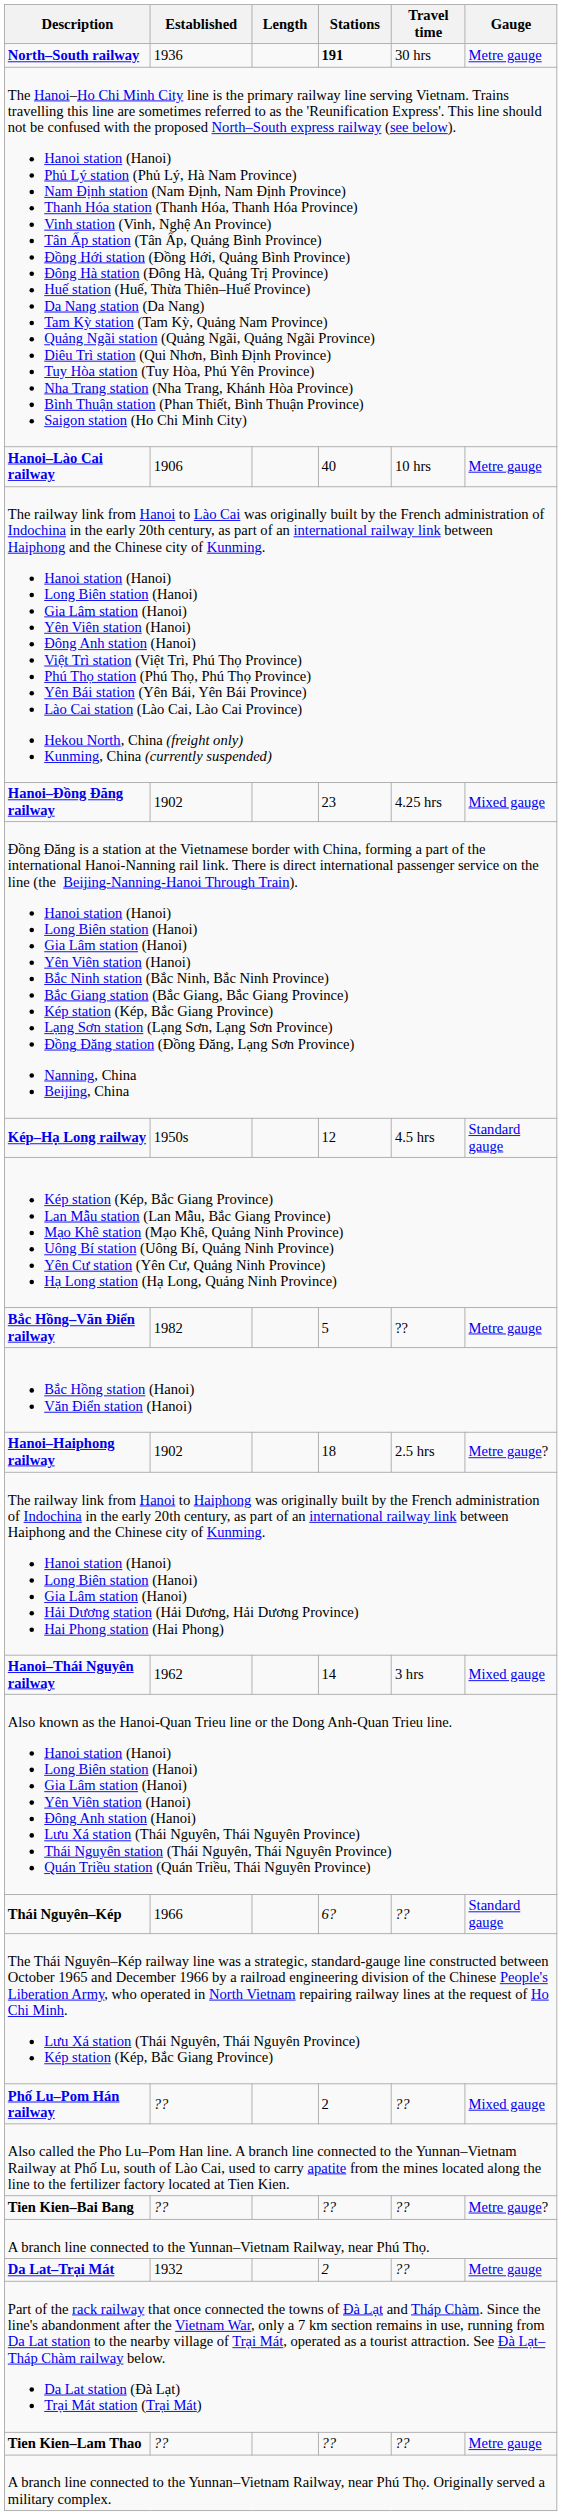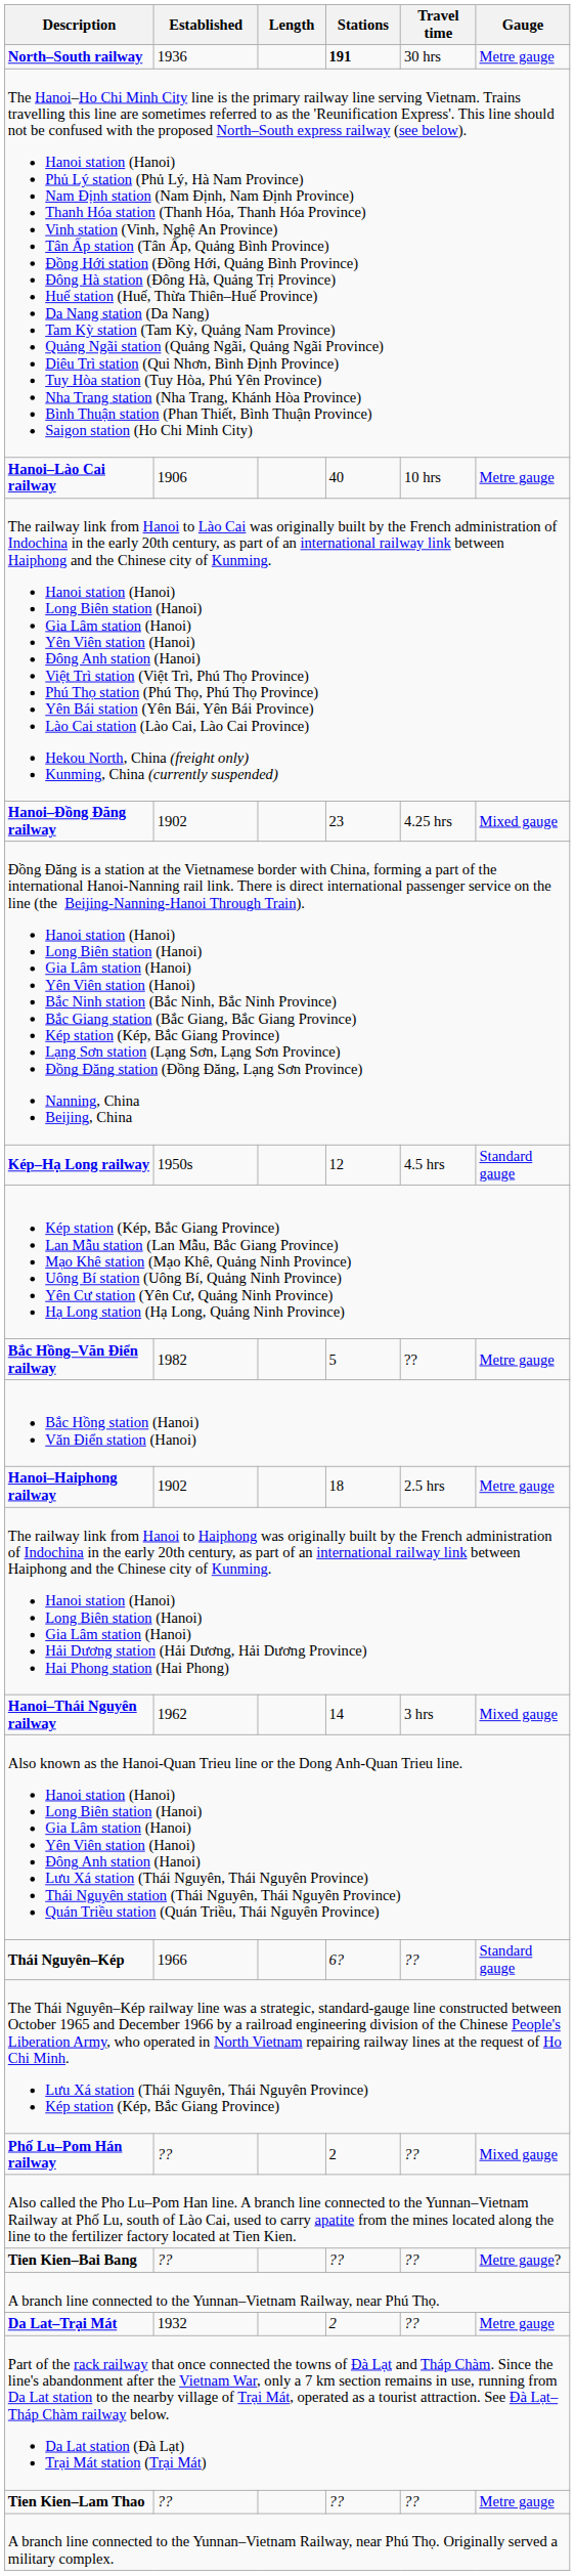 <table class="wikitable">
 <tr>
 <th>Description</th>
 <th>Established</th>
 <th>Length</th>
 <th>Stations</th>
 <th>Travel time</th>
 <th>Gauge</th>
 </tr>
 <tr>
 <td><strong><a href='#'>North–South railway</a></strong></td>
 <td>1936</td>
 <td></td>
 <td><strong>191</strong></td>
 <td>30 hrs</td>
 <td><a href='#'>Metre gauge</a></td>
 </tr>
 <tr>
 <td colspan="6"><br> The <a href='#'>Hanoi</a>–<a href='#'>Ho Chi Minh City</a> line is the primary railway line serving Vietnam. Trains travelling this line are sometimes referred to as the 'Reunification Express'. This line should not be confused with the proposed <a href='#'>North–South express railway</a> (<a href='#'>see below</a>).<ul><li><a href='#'>Hanoi station</a> (Hanoi)</li><li><a href='#'>Phủ Lý station</a> (Phủ Lý, Hà Nam Province)</li><li><a href='#'>Nam Định station</a> (Nam Định, Nam Định Province)</li><li><a href='#'>Thanh Hóa station</a> (Thanh Hóa, Thanh Hóa Province)</li><li><a href='#'>Vinh station</a> (Vinh, Nghệ An Province)</li><li><a href='#'>Tân Ấp station</a> (Tân Ấp, Quảng Bình Province)</li><li><a href='#'>Đồng Hới station</a> (Đồng Hới, Quảng Bình Province)</li><li><a href='#'>Đông Hà station</a> (Đông Hà, Quảng Trị Province)</li><li><a href='#'>Huế station</a> (Huế, Thừa Thiên–Huế Province)</li><li><a href='#'>Da Nang station</a> (Da Nang)</li><li><a href='#'>Tam Kỳ station</a> (Tam Kỳ, Quảng Nam Province)</li><li><a href='#'>Quảng Ngãi station</a> (Quảng Ngãi, Quảng Ngãi Province)</li><li><a href='#'>Diêu Trì station</a> (Qui Nhơn, Bình Định Province)</li><li><a href='#'>Tuy Hòa station</a> (Tuy Hòa, Phú Yên Province)</li><li><a href='#'>Nha Trang station</a> (Nha Trang, Khánh Hòa Province)</li><li><a href='#'>Bình Thuận station</a> (Phan Thiết, Bình Thuận Province)</li><li><a href='#'>Saigon station</a> (Ho Chi Minh City)</li></ul></td>
 </tr>
 <tr>
 <td><strong><a href='#'>Hanoi–Lào Cai railway</a></strong></td>
 <td>1906</td>
 <td></td>
 <td>40</td>
 <td>10 hrs</td>
 <td><a href='#'>Metre gauge</a></td>
 </tr>
 <tr>
 <td colspan="6"><br> The railway link from <a href='#'>Hanoi</a> to <a href='#'>Lào Cai</a> was originally built by the French administration of <a href='#'>Indochina</a> in the early 20th century, as part of an <a href='#'>international railway link</a> between <a href='#'>Haiphong</a> and the Chinese city of <a href='#'>Kunming</a>.<ul><li><a href='#'>Hanoi station</a> (Hanoi)</li><li><a href='#'>Long Biên station</a> (Hanoi)</li><li><a href='#'>Gia Lâm station</a> (Hanoi)</li><li><a href='#'>Yên Viên station</a> (Hanoi)</li><li><a href='#'>Đông Anh station</a> (Hanoi)</li><li><a href='#'>Việt Trì station</a> (Việt Trì, Phú Thọ Province)</li><li><a href='#'>Phú Thọ station</a> (Phú Thọ, Phú Thọ Province)</li><li><a href='#'>Yên Bái station</a> (Yên Bái, Yên Bái Province)</li><li><a href='#'>Lào Cai station</a> (Lào Cai, Lào Cai Province)</li></ul><ul><li> <a href='#'>Hekou North</a>, China <em>(freight only)</em></li><li> <a href='#'>Kunming</a>, China <em>(currently suspended)</em></li></ul></td>
 </tr>
 <tr>
 <td><strong><a href='#'>Hanoi–Đồng Đăng railway</a></strong></td>
 <td>1902</td>
 <td></td>
 <td>23</td>
 <td>4.25 hrs</td>
 <td><a href='#'>Mixed gauge</a></td>
 </tr>
 <tr>
 <td colspan="6"><br> Đồng Đăng is a station at the Vietnamese border with China, forming a part of the international Hanoi-Nanning rail link. There is direct international passenger service on the line (the  <a href='#'>Beijing-Nanning-Hanoi Through Train</a>).<ul><li><a href='#'>Hanoi station</a> (Hanoi)</li><li><a href='#'>Long Biên station</a> (Hanoi)</li><li><a href='#'>Gia Lâm station</a> (Hanoi)</li><li><a href='#'>Yên Viên station</a> (Hanoi)</li><li><a href='#'>Bắc Ninh station</a> (Bắc Ninh, Bắc Ninh Province)</li><li><a href='#'>Bắc Giang station</a> (Bắc Giang, Bắc Giang Province)</li><li><a href='#'>Kép station</a> (Kép, Bắc Giang Province)</li><li><a href='#'>Lạng Sơn station</a> (Lạng Sơn, Lạng Sơn Province)</li><li><a href='#'>Đồng Đăng station</a> (Đồng Đăng, Lạng Sơn Province)</li></ul><ul><li> <a href='#'>Nanning</a>, China</li><li> <a href='#'>Beijing</a>, China</li></ul></td>
 </tr>
 <tr>
 <td><strong><a href='#'>Kép–Hạ Long railway</a></strong></td>
 <td>1950s</td>
 <td></td>
 <td>12</td>
 <td>4.5 hrs</td>
 <td><a href='#'>Standard gauge</a></td>
 </tr>
 <tr>
 <td colspan="6"><br><ul><li><a href='#'>Kép station</a> (Kép, Bắc Giang Province)</li><li><a href='#'>Lan Mẫu station</a> (Lan Mẫu, Bắc Giang Province)</li><li><a href='#'>Mạo Khê station</a> (Mạo Khê, Quảng Ninh Province)</li><li><a href='#'>Uông Bí station</a> (Uông Bí, Quảng Ninh Province)</li><li><a href='#'>Yên Cư station</a> (Yên Cư, Quảng Ninh Province)</li><li><a href='#'>Hạ Long station</a> (Hạ Long, Quảng Ninh Province)</li></ul></td>
 </tr>
 <tr>
 <td><strong><a href='#'>Bắc Hồng–Văn Điển railway</a></strong></td>
 <td>1982</td>
 <td></td>
 <td>5</td>
 <td>??</td>
 <td><a href='#'>Metre gauge</a></td>
 </tr>
 <tr>
 <td colspan="6"><br><ul><li><a href='#'>Bắc Hồng station</a> (Hanoi)</li><li><a href='#'>Văn Điển station</a> (Hanoi)</li></ul></td>
 </tr>
 <tr>
 <td><strong><a href='#'>Hanoi–Haiphong railway</a></strong></td>
 <td>1902</td>
 <td></td>
 <td>18</td>
 <td>2.5 hrs</td>
-<td><a href='#'>Metre gauge</a>?</td>
+<td><a href='#'>Metre gauge</a></td>
 </tr>
 <tr>
 <td colspan="6"><br> The railway link from <a href='#'>Hanoi</a> to <a href='#'>Haiphong</a> was originally built by the French administration of <a href='#'>Indochina</a> in the early 20th century, as part of an <a href='#'>international railway link</a> between Haiphong and the Chinese city of <a href='#'>Kunming</a>.<ul><li><a href='#'>Hanoi station</a> (Hanoi)</li><li><a href='#'>Long Biên station</a> (Hanoi)</li><li><a href='#'>Gia Lâm station</a> (Hanoi)</li><li><a href='#'>Hải Dương station</a> (Hải Dương, Hải Dương Province)</li><li><a href='#'>Hai Phong station</a> (Hai Phong)</li></ul></td>
 </tr>
 <tr>
 <td><strong><a href='#'>Hanoi–Thái Nguyên railway</a></strong></td>
 <td>1962</td>
 <td></td>
 <td>14</td>
 <td>3 hrs</td>
 <td><a href='#'>Mixed gauge</a></td>
 </tr>
 <tr>
 <td colspan="6"><br>Also known as the Hanoi-Quan Trieu line or the Dong Anh-Quan Trieu line.<ul><li><a href='#'>Hanoi station</a> (Hanoi)</li><li><a href='#'>Long Biên station</a> (Hanoi)</li><li><a href='#'>Gia Lâm station</a> (Hanoi)</li><li><a href='#'>Yên Viên station</a> (Hanoi)</li><li><a href='#'>Đông Anh station</a> (Hanoi)</li><li><a href='#'>Lưu Xá station</a> (Thái Nguyên, Thái Nguyên Province)</li><li><a href='#'>Thái Nguyên station</a> (Thái Nguyên, Thái Nguyên Province)</li><li><a href='#'>Quán Triều station</a> (Quán Triều, Thái Nguyên Province)</li></ul></td>
 </tr>
 <tr>
 <td><strong>Thái Nguyên–Kép</strong></td>
 <td>1966</td>
 <td></td>
 <td><em>6?</em></td>
 <td><em>??</em></td>
 <td><a href='#'>Standard gauge</a></td>
 </tr>
 <tr>
 <td colspan="6"><br>The Thái Nguyên–Kép railway line was a strategic, standard-gauge line constructed between October 1965 and December 1966 by a railroad engineering division of the Chinese <a href='#'>People's Liberation Army</a>, who operated in <a href='#'>North Vietnam</a> repairing railway lines at the request of <a href='#'>Ho Chi Minh</a>.<ul><li><a href='#'>Lưu Xá station</a> (Thái Nguyên, Thái Nguyên Province)</li><li><a href='#'>Kép station</a> (Kép, Bắc Giang Province)</li></ul></td>
 </tr>
 <tr>
 <td><strong><a href='#'>Phố Lu–Pom Hán railway</a></strong></td>
 <td><em>??</em></td>
 <td></td>
 <td>2</td>
 <td><em>??</em></td>
 <td><a href='#'>Mixed gauge</a></td>
 </tr>
 <tr>
 <td colspan="6"><br> Also called the Pho Lu–Pom Han line. A branch line connected to the Yunnan–Vietnam Railway at Phố Lu, south of Lào Cai, used to carry <a href='#'>apatite</a> from the mines located along the line to the fertilizer factory located at Tien Kien.</td>
 </tr>
 <tr>
 <td><strong>Tien Kien–Bai Bang</strong></td>
 <td><em>??</em></td>
 <td></td>
 <td><em>??</em></td>
 <td><em>??</em></td>
 <td><a href='#'>Metre gauge</a>?</td>
 </tr>
 <tr>
 <td colspan="6"><br>A branch line connected to the Yunnan–Vietnam Railway, near Phú Thọ.</td>
 </tr>
 <tr>
 <td><strong><a href='#'>Da Lat–Trại Mát</a></strong></td>
 <td>1932</td>
 <td></td>
 <td><em>2</em></td>
 <td><em>??</em></td>
 <td><a href='#'>Metre gauge</a></td>
 </tr>
 <tr>
 <td colspan="6"><br>Part of the <a href='#'>rack railway</a> that once connected the towns of <a href='#'>Đà Lạt</a> and <a href='#'>Tháp Chàm</a>. Since the line's abandonment after the <a href='#'>Vietnam War</a>, only a 7 km section remains in use, running from <a href='#'>Da Lat station</a> to the nearby village of <a href='#'>Trại Mát</a>, operated as a tourist attraction. See <a href='#'>Đà Lạt–Tháp Chàm railway</a> below.<ul><li><a href='#'>Da Lat station</a> (Đà Lạt)</li><li><a href='#'>Trại Mát station</a> (<a href='#'>Trại Mát</a>)</li></ul></td>
 </tr>
 <tr>
 <td><strong>Tien Kien–Lam Thao</strong></td>
 <td><em>??</em></td>
 <td></td>
 <td><em>??</em></td>
 <td><em>??</em></td>
 <td><a href='#'>Metre gauge</a></td>
 </tr>
 <tr>
 <td colspan="6"><br>A branch line connected to the Yunnan–Vietnam Railway, near Phú Thọ. Originally served a military complex.</td>
 </tr>
 </table>
